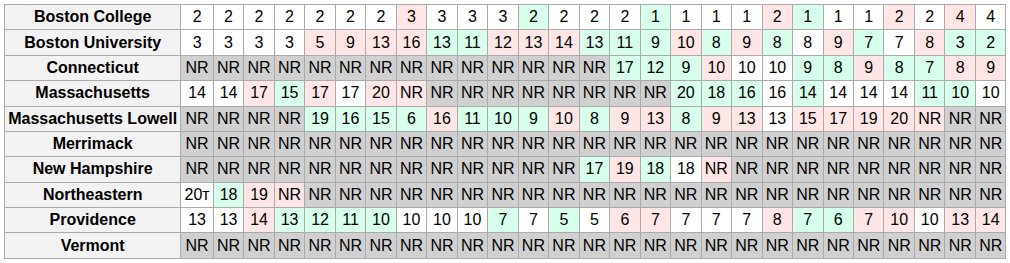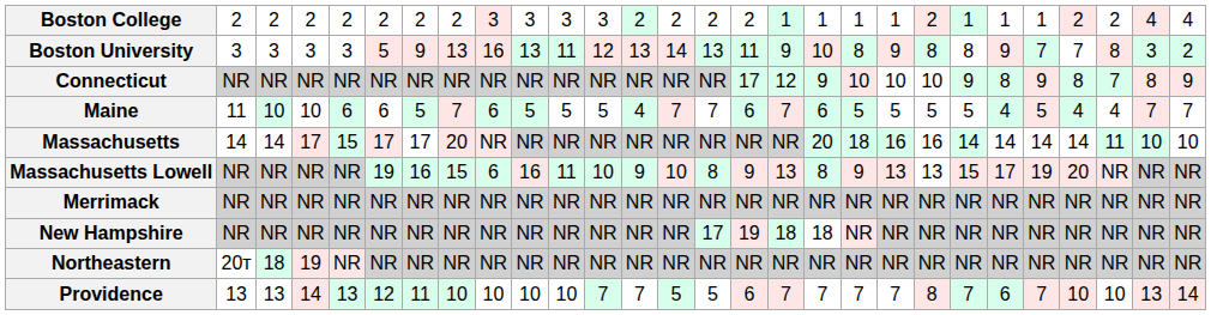 <table class="wikitable sortable" style="text-align: center;">
 <tr>
 </tr>
 <tr bgcolor=d0d0d0>
 <th>Boston College</th>
 <td bgcolor=ffffff>2</td>
 <td bgcolor=ffffff>2</td>
 <td bgcolor=ffffff>2</td>
 <td bgcolor=ffffff>2</td>
 <td bgcolor=ffffff>2</td>
 <td bgcolor=ffffff>2</td>
 <td bgcolor=ffffff>2</td>
 <td bgcolor=FFE6E6>3</td>
 <td bgcolor=ffffff>3</td>
 <td bgcolor=ffffff>3</td>
 <td bgcolor=ffffff>3</td>
 <td bgcolor=D8FFEB>2</td>
 <td bgcolor=ffffff>2</td>
 <td bgcolor=ffffff>2</td>
 <td bgcolor=ffffff>2</td>
 <td bgcolor=D8FFEB>1</td>
 <td bgcolor=ffffff>1</td>
 <td bgcolor=ffffff>1</td>
 <td bgcolor=ffffff>1</td>
 <td bgcolor=FFE6E6>2</td>
 <td bgcolor=D8FFEB>1</td>
 <td bgcolor=ffffff>1</td>
 <td bgcolor=ffffff>1</td>
 <td bgcolor=FFE6E6>2</td>
 <td bgcolor=ffffff>2</td>
 <td bgcolor=FFE6E6>4</td>
 <td bgcolor=ffffff>4</td>
 </tr>
 <tr bgcolor=d0d0d0>
 <th>Boston University</th>
 <td bgcolor=ffffff>3</td>
 <td bgcolor=ffffff>3</td>
 <td bgcolor=ffffff>3</td>
 <td bgcolor=ffffff>3</td>
 <td bgcolor=FFE6E6>5</td>
 <td bgcolor=FFE6E6>9</td>
 <td bgcolor=FFE6E6>13</td>
 <td bgcolor=FFE6E6>16</td>
 <td bgcolor=D8FFEB>13</td>
 <td bgcolor=D8FFEB>11</td>
 <td bgcolor=FFE6E6>12</td>
 <td bgcolor=FFE6E6>13</td>
 <td bgcolor=FFE6E6>14</td>
 <td bgcolor=D8FFEB>13</td>
 <td bgcolor=D8FFEB>11</td>
 <td bgcolor=D8FFEB>9</td>
 <td bgcolor=FFE6E6>10</td>
 <td bgcolor=D8FFEB>8</td>
 <td bgcolor=FFE6E6>9</td>
 <td bgcolor=D8FFEB>8</td>
 <td bgcolor=ffffff>8</td>
 <td bgcolor=FFE6E6>9</td>
 <td bgcolor=D8FFEB>7</td>
 <td bgcolor=ffffff>7</td>
 <td bgcolor=FFE6E6>8</td>
 <td bgcolor=D8FFEB>3</td>
 <td bgcolor=D8FFEB>2</td>
 </tr>
 <tr bgcolor=d0d0d0>
 <th>Connecticut</th>
 <td>NR</td>
 <td>NR</td>
 <td>NR</td>
 <td>NR</td>
 <td>NR</td>
 <td>NR</td>
 <td>NR</td>
 <td>NR</td>
 <td>NR</td>
 <td>NR</td>
 <td>NR</td>
 <td>NR</td>
 <td>NR</td>
 <td>NR</td>
 <td bgcolor=D8FFEB>17</td>
 <td bgcolor=D8FFEB>12</td>
 <td bgcolor=D8FFEB>9</td>
 <td bgcolor=FFE6E6>10</td>
 <td bgcolor=ffffff>10</td>
 <td bgcolor=ffffff>10</td>
 <td bgcolor=D8FFEB>9</td>
 <td bgcolor=D8FFEB>8</td>
 <td bgcolor=FFE6E6>9</td>
 <td bgcolor=D8FFEB>8</td>
 <td bgcolor=D8FFEB>7</td>
 <td bgcolor=FFE6E6>8</td>
 <td bgcolor=FFE6E6>9</td>
+</tr>
+<tr bgcolor=d0d0d0>
+<th>Maine</th>
+<td bgcolor=ffffff>11</td>
+<td bgcolor=D8FFEB>10</td>
+<td bgcolor=ffffff>10</td>
+<td bgcolor=D8FFEB>6</td>
+<td bgcolor=ffffff>6</td>
+<td bgcolor=D8FFEB>5</td>
+<td bgcolor=FFE6E6>7</td>
+<td bgcolor=D8FFEB>6</td>
+<td bgcolor=D8FFEB>5</td>
+<td bgcolor=ffffff>5</td>
+<td bgcolor=ffffff>5</td>
+<td bgcolor=D8FFEB>4</td>
+<td bgcolor=FFE6E6>7</td>
+<td bgcolor=ffffff>7</td>
+<td bgcolor=D8FFEB>6</td>
+<td bgcolor=FFE6E6>7</td>
+<td bgcolor=D8FFEB>6</td>
+<td bgcolor=D8FFEB>5</td>
+<td bgcolor=ffffff>5</td>
+<td bgcolor=ffffff>5</td>
+<td bgcolor=ffffff>5</td>
+<td bgcolor=D8FFEB>4</td>
+<td bgcolor=FFE6E6>5</td>
+<td bgcolor=D8FFEB>4</td>
+<td bgcolor=ffffff>4</td>
+<td bgcolor=FFE6E6>7</td>
+<td bgcolor=ffffff>7</td>
 </tr>
 <tr bgcolor=d0d0d0>
 <th>Massachusetts</th>
 <td bgcolor=ffffff>14</td>
 <td bgcolor=ffffff>14</td>
 <td bgcolor=FFE6E6>17</td>
 <td bgcolor=D8FFEB>15</td>
 <td bgcolor=FFE6E6>17</td>
 <td bgcolor=ffffff>17</td>
 <td bgcolor=FFE6E6>20</td>
 <td bgcolor=FFE6E6>NR</td>
 <td>NR</td>
 <td>NR</td>
 <td>NR</td>
 <td>NR</td>
 <td>NR</td>
 <td>NR</td>
 <td>NR</td>
 <td>NR</td>
 <td bgcolor=D8FFEB>20</td>
 <td bgcolor=D8FFEB>18</td>
 <td bgcolor=D8FFEB>16</td>
 <td bgcolor=ffffff>16</td>
 <td bgcolor=D8FFEB>14</td>
 <td bgcolor=ffffff>14</td>
 <td bgcolor=ffffff>14</td>
 <td bgcolor=ffffff>14</td>
 <td bgcolor=D8FFEB>11</td>
 <td bgcolor=D8FFEB>10</td>
 <td bgcolor=ffffff>10</td>
 </tr>
 <tr bgcolor=d0d0d0>
 <th>Massachusetts Lowell</th>
 <td>NR</td>
 <td>NR</td>
 <td>NR</td>
 <td>NR</td>
 <td bgcolor=D8FFEB>19</td>
 <td bgcolor=D8FFEB>16</td>
 <td bgcolor=D8FFEB>15</td>
 <td bgcolor=D8FFEB>6</td>
 <td bgcolor=FFE6E6>16</td>
 <td bgcolor=D8FFEB>11</td>
 <td bgcolor=D8FFEB>10</td>
 <td bgcolor=D8FFEB>9</td>
 <td bgcolor=FFE6E6>10</td>
 <td bgcolor=D8FFEB>8</td>
 <td bgcolor=FFE6E6>9</td>
 <td bgcolor=FFE6E6>13</td>
 <td bgcolor=D8FFEB>8</td>
 <td bgcolor=FFE6E6>9</td>
 <td bgcolor=FFE6E6>13</td>
 <td bgcolor=ffffff>13</td>
 <td bgcolor=FFE6E6>15</td>
 <td bgcolor=FFE6E6>17</td>
 <td bgcolor=FFE6E6>19</td>
 <td bgcolor=FFE6E6>20</td>
 <td bgcolor=FFE6E6>NR</td>
 <td>NR</td>
 <td>NR</td>
 </tr>
 <tr bgcolor=d0d0d0>
 <th>Merrimack</th>
 <td>NR</td>
 <td>NR</td>
 <td>NR</td>
 <td>NR</td>
 <td>NR</td>
 <td>NR</td>
 <td>NR</td>
 <td>NR</td>
 <td>NR</td>
 <td>NR</td>
 <td>NR</td>
 <td>NR</td>
 <td>NR</td>
 <td>NR</td>
 <td>NR</td>
 <td>NR</td>
 <td>NR</td>
 <td>NR</td>
 <td>NR</td>
 <td>NR</td>
 <td>NR</td>
 <td>NR</td>
 <td>NR</td>
 <td>NR</td>
 <td>NR</td>
 <td>NR</td>
 <td>NR</td>
 </tr>
 <tr bgcolor=d0d0d0>
 <th>New Hampshire</th>
 <td>NR</td>
 <td>NR</td>
 <td>NR</td>
 <td>NR</td>
 <td>NR</td>
 <td>NR</td>
 <td>NR</td>
 <td>NR</td>
 <td>NR</td>
 <td>NR</td>
 <td>NR</td>
 <td>NR</td>
 <td>NR</td>
 <td bgcolor=D8FFEB>17</td>
 <td bgcolor=FFE6E6>19</td>
 <td bgcolor=D8FFEB>18</td>
 <td bgcolor=ffffff>18</td>
 <td bgcolor=FFE6E6>NR</td>
 <td>NR</td>
 <td>NR</td>
 <td>NR</td>
 <td>NR</td>
 <td>NR</td>
 <td>NR</td>
 <td>NR</td>
 <td>NR</td>
 <td>NR</td>
 </tr>
 <tr bgcolor=d0d0d0>
 <th>Northeastern</th>
 <td bgcolor=ffffff>20т</td>
 <td bgcolor=D8FFEB>18</td>
 <td bgcolor=FFE6E6>19</td>
 <td bgcolor=FFE6E6>NR</td>
 <td>NR</td>
 <td>NR</td>
 <td>NR</td>
 <td>NR</td>
 <td>NR</td>
 <td>NR</td>
 <td>NR</td>
 <td>NR</td>
 <td>NR</td>
 <td>NR</td>
 <td>NR</td>
 <td>NR</td>
 <td>NR</td>
 <td>NR</td>
 <td>NR</td>
 <td>NR</td>
 <td>NR</td>
 <td>NR</td>
 <td>NR</td>
 <td>NR</td>
 <td>NR</td>
 <td>NR</td>
 <td>NR</td>
 </tr>
 <tr bgcolor=d0d0d0>
 <th>Providence</th>
 <td bgcolor=ffffff>13</td>
 <td bgcolor=ffffff>13</td>
 <td bgcolor=FFE6E6>14</td>
 <td bgcolor=D8FFEB>13</td>
 <td bgcolor=D8FFEB>12</td>
 <td bgcolor=D8FFEB>11</td>
 <td bgcolor=D8FFEB>10</td>
 <td bgcolor=ffffff>10</td>
 <td bgcolor=ffffff>10</td>
 <td bgcolor=ffffff>10</td>
 <td bgcolor=D8FFEB>7</td>
 <td bgcolor=ffffff>7</td>
 <td bgcolor=D8FFEB>5</td>
 <td bgcolor=ffffff>5</td>
 <td bgcolor=FFE6E6>6</td>
 <td bgcolor=FFE6E6>7</td>
 <td bgcolor=ffffff>7</td>
 <td bgcolor=ffffff>7</td>
 <td bgcolor=ffffff>7</td>
 <td bgcolor=FFE6E6>8</td>
 <td bgcolor=D8FFEB>7</td>
 <td bgcolor=D8FFEB>6</td>
 <td bgcolor=FFE6E6>7</td>
 <td bgcolor=FFE6E6>10</td>
 <td bgcolor=ffffff>10</td>
 <td bgcolor=FFE6E6>13</td>
 <td bgcolor=FFE6E6>14</td>
 </tr>
-<tr bgcolor=d0d0d0>
-<th>Vermont</th>
-<td>NR</td>
-<td>NR</td>
-<td>NR</td>
-<td>NR</td>
-<td>NR</td>
-<td>NR</td>
-<td>NR</td>
-<td>NR</td>
-<td>NR</td>
-<td>NR</td>
-<td>NR</td>
-<td>NR</td>
-<td>NR</td>
-<td>NR</td>
-<td>NR</td>
-<td>NR</td>
-<td>NR</td>
-<td>NR</td>
-<td>NR</td>
-<td>NR</td>
-<td>NR</td>
-<td>NR</td>
-<td>NR</td>
-<td>NR</td>
-<td>NR</td>
-<td>NR</td>
-<td>NR</td>
-</tr>
 <tr>
 </tr>
 </table>
